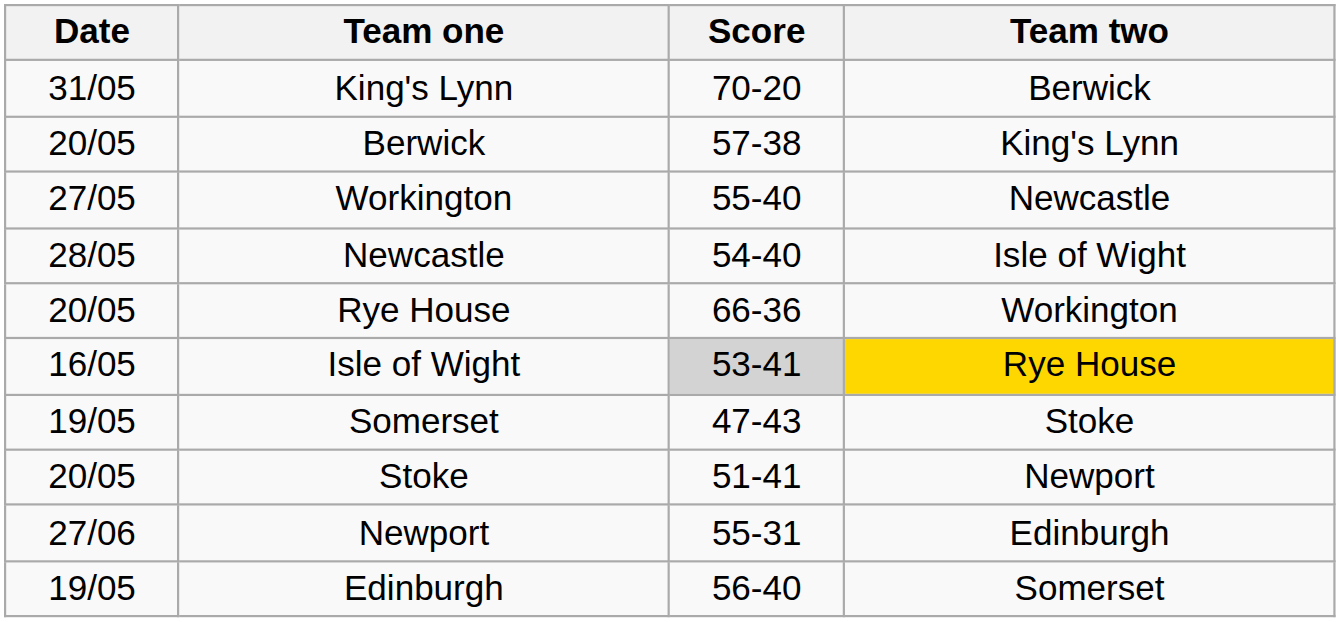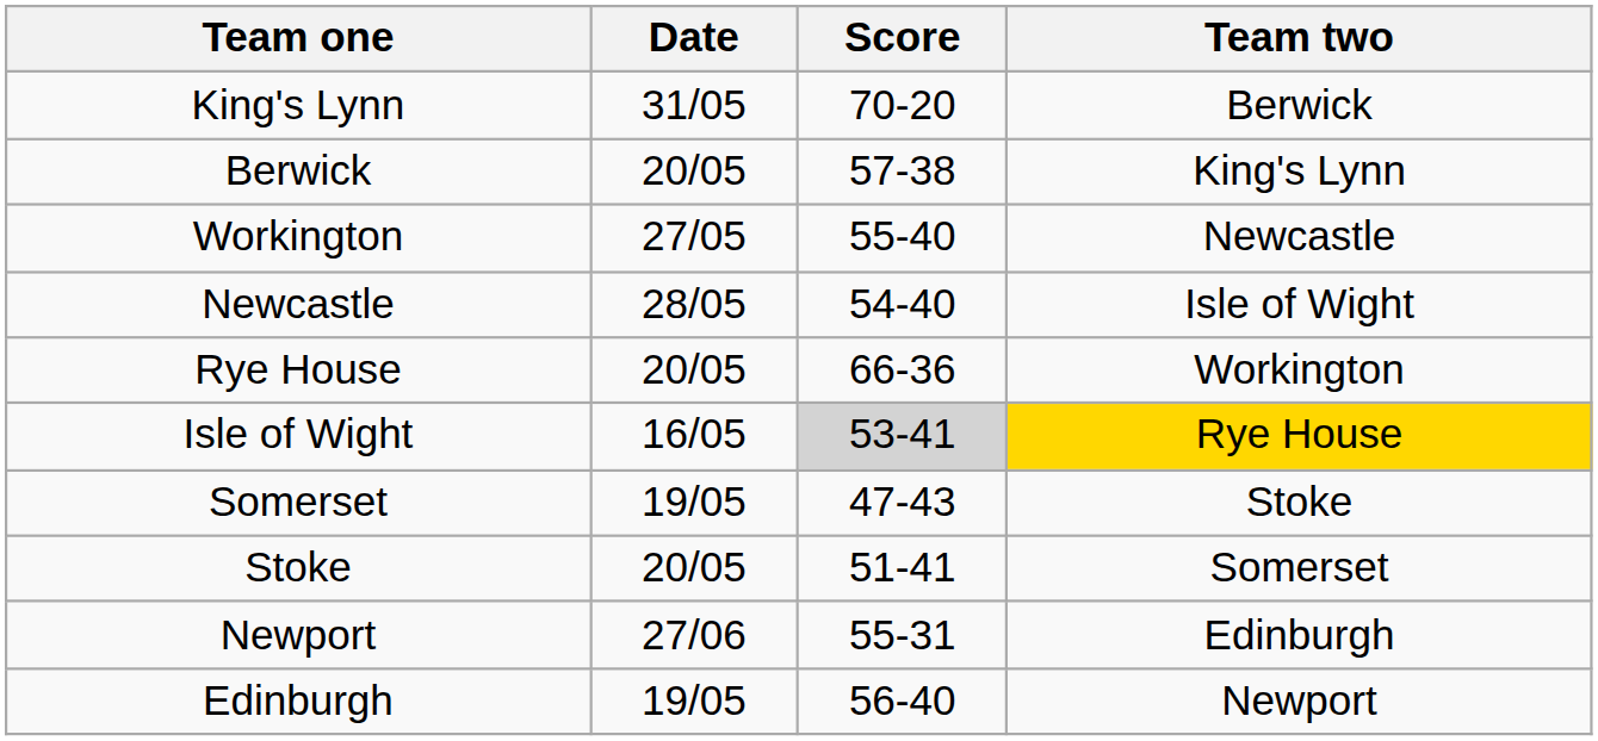 <table class="wikitable" style="text-align: center">
 <tr>
+<th width=250>Team one</th>
 <th width=80>Date</th>
-<th width=250>Team one</th>
 <th width=80>Score</th>
 <th width=250>Team two</th>
 </tr>
 <tr>
+<td>King's Lynn</td>
 <td>31/05</td>
-<td>King's Lynn</td>
 <td>70-20</td>
 <td>Berwick</td>
 </tr>
 <tr>
+<td>Berwick</td>
 <td>20/05</td>
-<td>Berwick</td>
 <td>57-38</td>
 <td>King's Lynn</td>
 </tr>
 <tr>
+<td>Workington</td>
 <td>27/05</td>
-<td>Workington</td>
 <td>55-40</td>
 <td>Newcastle</td>
 </tr>
 <tr>
+<td>Newcastle</td>
 <td>28/05</td>
-<td>Newcastle</td>
 <td>54-40</td>
 <td>Isle of Wight</td>
 </tr>
 <tr>
+<td>Rye House</td>
 <td>20/05</td>
-<td>Rye House</td>
 <td>66-36</td>
 <td>Workington</td>
 </tr>
 <tr>
+<td>Isle of Wight</td>
 <td>16/05</td>
-<td>Isle of Wight</td>
 <td style="background: lightgrey;">53-41</td>
 <td style="background: gold;">Rye House</td>
 </tr>
 <tr>
+<td>Somerset</td>
 <td>19/05</td>
-<td>Somerset</td>
 <td>47-43</td>
 <td>Stoke</td>
 </tr>
 <tr>
+<td>Stoke</td>
 <td>20/05</td>
-<td>Stoke</td>
 <td>51-41</td>
-<td>Newport</td>
+<td>Somerset</td>
 </tr>
 <tr>
+<td>Newport</td>
 <td>27/06</td>
-<td>Newport</td>
 <td>55-31</td>
 <td>Edinburgh</td>
 </tr>
 <tr>
+<td>Edinburgh</td>
 <td>19/05</td>
-<td>Edinburgh</td>
 <td>56-40</td>
-<td>Somerset</td>
+<td>Newport</td>
 </tr>
 </table>
